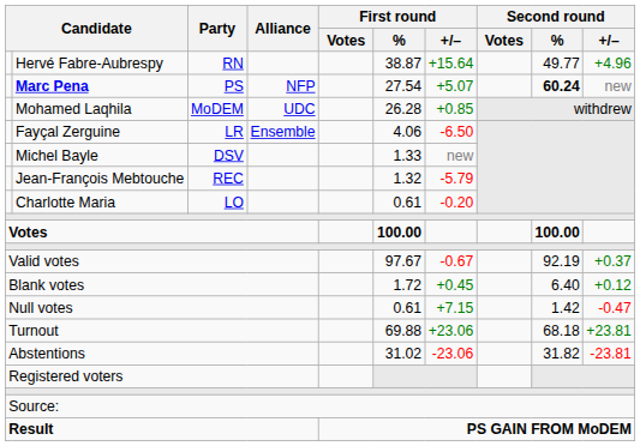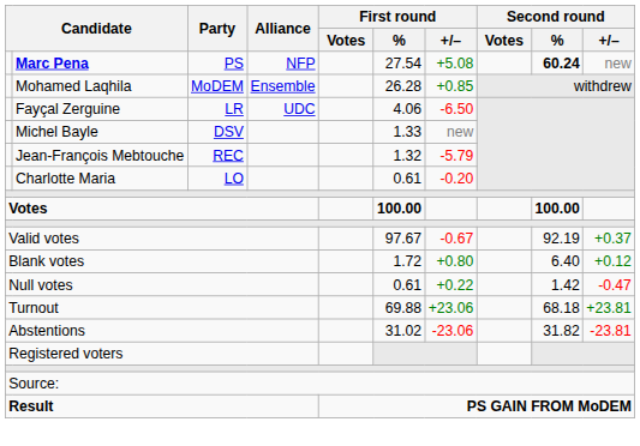 <table class="wikitable" style="text-align:right;font-size:95%;">
 <tr>
 <th rowspan="2" colspan="2">Candidate</th>
 <th colspan="1" rowspan="2">Party</th>
 <th colspan="1" rowspan="2">Alliance</th>
 <th colspan="3">First round</th>
 <th colspan="3">Second round</th>
 </tr>
 <tr>
 <th style="width:50px;">Votes</th>
 <th style="width:45px;">%</th>
 <th style="width:45px;">+/–</th>
 <th style="width:50px;">Votes</th>
 <th style="width:45px;">%</th>
 <th style="width:45px;">+/–</th>
 </tr>
 <tr>
 <td style="color:inherit;background:"></td>
-<td style="text-align:left;">Hervé Fabre-Aubrespy</td>
-<td><a href='#'>RN</a></td>
-<td></td>
-<td></td>
-<td>38.87</td>
-<td style="color:green;">+15.64</td>
-<td></td>
-<td>49.77</td>
-<td style="color:green;">+4.96</td>
-</tr>
-<tr>
-<td style="color:inherit;background:"></td>
 <td style="text-align:left;"><strong><a href='#'>Marc Pena</a></strong></td>
 <td><a href='#'>PS</a></td>
 <td><a href='#'>NFP</a></td>
 <td></td>
 <td>27.54</td>
-<td style="color:green;">+5.07</td>
+<td style="color:green;">+5.08</td>
 <td><strong></strong></td>
 <td><strong>60.24</strong></td>
 <td style="color:grey;">new</td>
 </tr>
 <tr>
 <td style="color:inherit;background:"></td>
 <td style="text-align:left;">Mohamed Laqhila</td>
 <td><a href='#'>MoDEM</a></td>
-<td><a href='#'>UDC</a></td>
+<td><a href='#'>Ensemble</a></td>
 <td></td>
 <td>26.28</td>
 <td style="color:green;">+0.85</td>
 <td colspan="3" style="background:#E9E9E9;">withdrew</td>
 </tr>
 <tr>
 <td style="color:inherit;background:"></td>
 <td style="text-align:left;">Fayçal Zerguine</td>
 <td><a href='#'>LR</a></td>
-<td><a href='#'>Ensemble</a></td>
+<td><a href='#'>UDC</a></td>
 <td></td>
 <td>4.06</td>
 <td style="color:red;">-6.50</td>
 <td colspan="3" rowspan="4" style="background:#E9E9E9;"></td>
 </tr>
 <tr>
 <td style="color:inherit;background:"></td>
 <td style="text-align:left;">Michel Bayle</td>
 <td><a href='#'>DSV</a></td>
 <td></td>
 <td></td>
 <td>1.33</td>
 <td style="color:grey;">new</td>
 </tr>
 <tr>
 <td style="color:inherit;background:"></td>
 <td style="text-align:left;">Jean-François Mebtouche</td>
 <td><a href='#'>REC</a></td>
 <td></td>
 <td></td>
 <td>1.32</td>
 <td style="color:red;">-5.79</td>
 </tr>
 <tr>
 <td style="color:inherit;background:"></td>
 <td style="text-align:left;">Charlotte Maria</td>
 <td><a href='#'>LO</a></td>
 <td></td>
 <td></td>
 <td>0.61</td>
 <td style="color:red;">-0.20</td>
 </tr>
 <tr>
 <td colspan="10" style="background:#E9E9E9;"></td>
 </tr>
 <tr style="font-weight:bold;">
 <td colspan="4" style="text-align:left;">Votes</td>
 <td></td>
 <td>100.00</td>
 <td></td>
 <td></td>
 <td>100.00</td>
 <td></td>
 </tr>
 <tr>
 <td colspan="10" style="background:#E9E9E9;"></td>
 </tr>
 <tr>
 <td colspan="4" style="text-align:left;">Valid votes</td>
 <td></td>
 <td>97.67</td>
 <td style="color:red;">-0.67</td>
 <td></td>
 <td>92.19</td>
 <td style="color:green;">+0.37</td>
 </tr>
 <tr>
 <td colspan="4" style="text-align:left;">Blank votes</td>
 <td></td>
 <td>1.72</td>
-<td style="color:green;">+0.45</td>
+<td style="color:green;">+0.80</td>
 <td></td>
 <td>6.40</td>
 <td style="color:green;">+0.12</td>
 </tr>
 <tr>
 <td colspan="4" style="text-align:left;">Null votes</td>
 <td></td>
 <td>0.61</td>
-<td style="color:green;">+7.15</td>
+<td style="color:green;">+0.22</td>
 <td></td>
 <td>1.42</td>
 <td style="color:red;">-0.47</td>
 </tr>
 <tr>
 <td colspan="4" style="text-align:left;">Turnout</td>
 <td></td>
 <td>69.88</td>
 <td style="color:green;">+23.06</td>
 <td></td>
 <td>68.18</td>
 <td style="color:green;">+23.81</td>
 </tr>
 <tr>
 <td colspan="4" style="text-align:left;">Abstentions</td>
 <td></td>
 <td>31.02</td>
 <td style="color:red;">-23.06</td>
 <td></td>
 <td>31.82</td>
 <td style="color:red;">-23.81</td>
 </tr>
 <tr>
 <td colspan="4" style="text-align:left;">Registered voters</td>
 <td></td>
 <td colspan="2" style="background:#E9E9E9;"></td>
 <td></td>
 <td colspan="2" style="background:#E9E9E9;"></td>
 </tr>
 <tr>
 <td colspan="10" style="background:#E9E9E9;"></td>
 </tr>
 <tr>
 <td colspan="10" style="text-align:left;">Source: </td>
 </tr>
 <tr style="font-weight:bold">
 <td colspan="4" style="text-align:left;">Result</td>
 <td colspan="6" style="background-color:">PS GAIN FROM MoDEM</td>
 </tr>
 </table>
